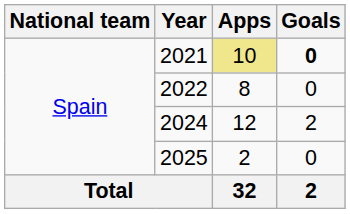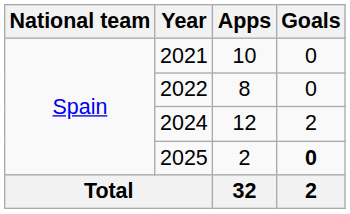 <table class="wikitable" style="text-align:center">
 <tr>
 <th>National team</th>
 <th>Year</th>
 <th>Apps</th>
 <th>Goals</th>
 </tr>
 <tr>
 <td rowspan="4"><a href='#'>Spain</a></td>
 <td>2021</td>
-<td style="background: khaki;">10</td>
-<td><strong>0</strong></td>
+<td>10</td>
+<td>0</td>
 </tr>
 <tr>
 <td>2022</td>
 <td>8</td>
 <td>0</td>
 </tr>
 <tr>
 <td>2024</td>
 <td>12</td>
 <td>2</td>
 </tr>
 <tr>
 <td>2025</td>
 <td>2</td>
-<td>0</td>
+<td><strong>0</strong></td>
 </tr>
 <tr>
 <th colspan="2">Total</th>
 <th>32</th>
 <th>2</th>
 </tr>
 </table>
